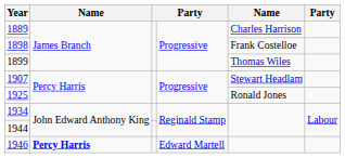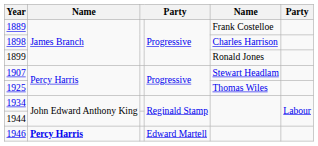 <table class="wikitable">
 <tr>
 <th>Year</th>
 <th>Name</th>
 <th colspan=2>Party</th>
 <th>Name</th>
 <th colspan=2>Party</th>
 </tr>
 <tr>
 <td><a href='#'>1889</a></td>
 <td rowspan=3><a href='#'>James Branch</a></td>
 <td rowspan=3 style="background-color: "></td>
 <td rowspan=3><a href='#'>Progressive</a></td>
+<td>Frank Costelloe</td>
+<td></td>
+</tr>
+<tr>
+<td><a href='#'>1898</a></td>
 <td><a href='#'>Charles Harrison</a></td>
 <td></td>
 </tr>
 <tr>
-<td><a href='#'>1898</a></td>
-<td>Frank Costelloe</td>
-<td></td>
-</tr>
-<tr>
 <td>1899</td>
-<td><a href='#'>Thomas Wiles</a></td>
+<td>Ronald Jones</td>
 <td></td>
 </tr>
 <tr>
 <td><a href='#'>1907</a></td>
 <td rowspan=2><a href='#'>Percy Harris</a></td>
 <td rowspan=2 style="background-color: "></td>
 <td rowspan=2><a href='#'>Progressive</a></td>
 <td><a href='#'>Stewart Headlam</a></td>
 <td></td>
 </tr>
 <tr>
 <td><a href='#'>1925</a></td>
-<td>Ronald Jones</td>
+<td><a href='#'>Thomas Wiles</a></td>
 <td></td>
 </tr>
 <tr>
 <td><a href='#'>1934</a></td>
 <td rowspan=2>John Edward Anthony King</td>
 <td></td>
 <td rowspan=2><a href='#'>Reginald Stamp</a></td>
 <td rowspan=2 style="background-color: "></td>
 <td rowspan=2><a href='#'>Labour</a></td>
 </tr>
 <tr>
 <td>1944</td>
 <td></td>
 </tr>
 <tr>
 <td><a href='#'>1946</a></td>
 <td><strong><a href='#'>Percy Harris</a></strong></td>
 <td></td>
 <td><a href='#'>Edward Martell</a></td>
 <td></td>
 </tr>
 </table>
